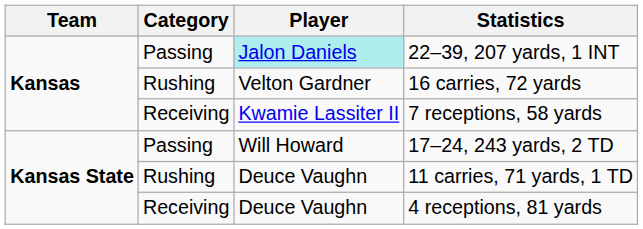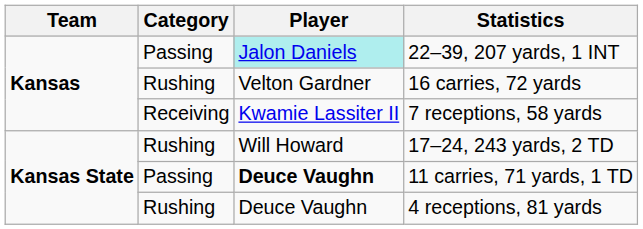 <table class="wikitable" style="float: right;">
 <tr>
 <th>Team</th>
 <th>Category</th>
 <th>Player</th>
 <th>Statistics</th>
 </tr>
 <tr>
 <td rowspan=3><strong>Kansas</strong></td>
 <td>Passing</td>
 <td style="background: paleturquoise;"><a href='#'>Jalon Daniels</a></td>
 <td>22–39, 207 yards, 1 INT</td>
 </tr>
 <tr>
 <td>Rushing</td>
 <td>Velton Gardner</td>
 <td>16 carries, 72 yards</td>
 </tr>
 <tr>
 <td>Receiving</td>
 <td><a href='#'>Kwamie Lassiter II</a></td>
 <td>7 receptions, 58 yards</td>
 </tr>
 <tr>
 <td rowspan=3><strong>Kansas State</strong></td>
-<td>Passing</td>
+<td>Rushing</td>
 <td>Will Howard</td>
 <td>17–24, 243 yards, 2 TD</td>
 </tr>
 <tr>
-<td>Rushing</td>
-<td>Deuce Vaughn</td>
+<td>Passing</td>
+<td><strong>Deuce Vaughn</strong></td>
 <td>11 carries, 71 yards, 1 TD</td>
 </tr>
 <tr>
-<td>Receiving</td>
+<td>Rushing</td>
 <td>Deuce Vaughn</td>
 <td>4 receptions, 81 yards</td>
 </tr>
 </table>
